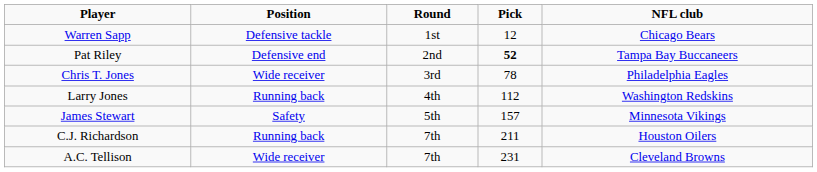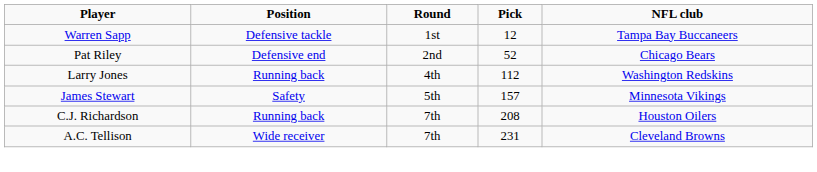 <table class="wikitable" style="width:80%;">
 <tr style="text-align:center; ">
 <td><strong>Player</strong></td>
 <td><strong>Position</strong></td>
 <td><strong>Round</strong></td>
 <td><strong>Pick</strong></td>
 <td><strong>NFL club</strong></td>
 </tr>
 <tr style="text-align:center;">
 <td><a href='#'>Warren Sapp</a></td>
 <td><a href='#'>Defensive tackle</a></td>
 <td>1st</td>
 <td>12</td>
-<td><a href='#'>Chicago Bears</a></td>
+<td><a href='#'>Tampa Bay Buccaneers</a></td>
 </tr>
 <tr style="text-align:center;">
 <td>Pat Riley</td>
 <td><a href='#'>Defensive end</a></td>
 <td>2nd</td>
-<td><strong>52</strong></td>
-<td><a href='#'>Tampa Bay Buccaneers</a></td>
-</tr>
-<tr style="text-align:center;">
-<td><a href='#'>Chris T. Jones</a></td>
-<td><a href='#'>Wide receiver</a></td>
-<td>3rd</td>
-<td>78</td>
-<td><a href='#'>Philadelphia Eagles</a></td>
+<td>52</td>
+<td><a href='#'>Chicago Bears</a></td>
 </tr>
 <tr style="text-align:center;">
 <td>Larry Jones</td>
 <td><a href='#'>Running back</a></td>
 <td>4th</td>
 <td>112</td>
 <td><a href='#'>Washington Redskins</a></td>
 </tr>
 <tr style="text-align:center;">
 <td><a href='#'>James Stewart</a></td>
 <td><a href='#'>Safety</a></td>
 <td>5th</td>
 <td>157</td>
 <td><a href='#'>Minnesota Vikings</a></td>
 </tr>
 <tr style="text-align:center;">
 <td>C.J. Richardson</td>
 <td><a href='#'>Running back</a></td>
 <td>7th</td>
-<td>211</td>
+<td>208</td>
 <td><a href='#'>Houston Oilers</a></td>
 </tr>
 <tr style="text-align:center;">
 <td>A.C. Tellison</td>
 <td><a href='#'>Wide receiver</a></td>
 <td>7th</td>
 <td>231</td>
 <td><a href='#'>Cleveland Browns</a></td>
 </tr>
 </table>
